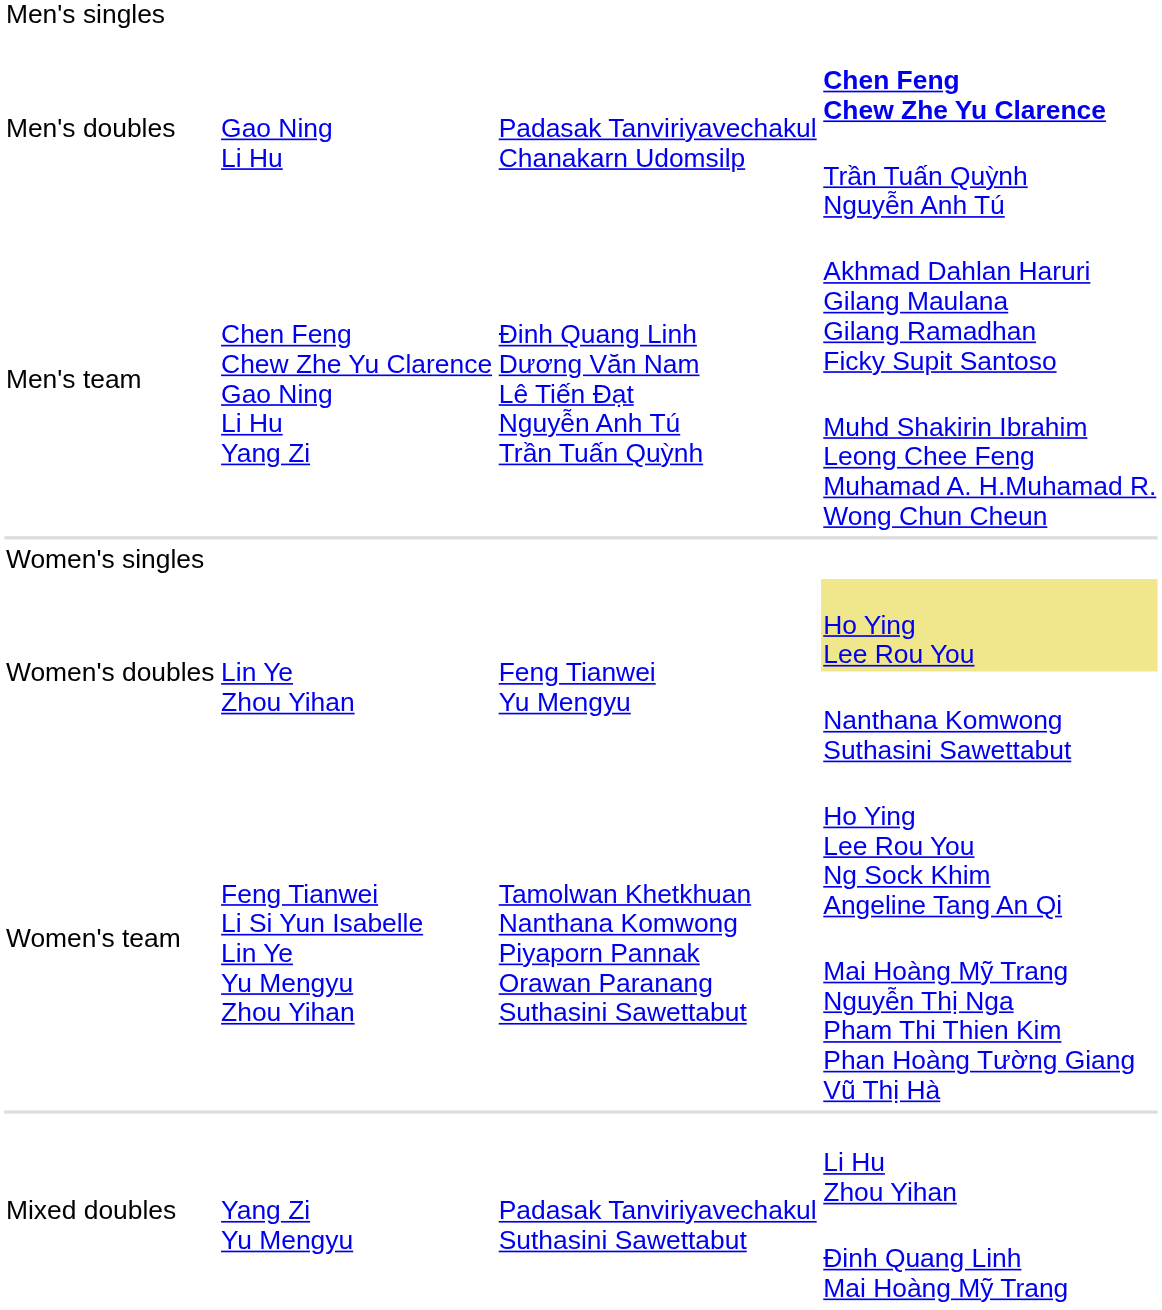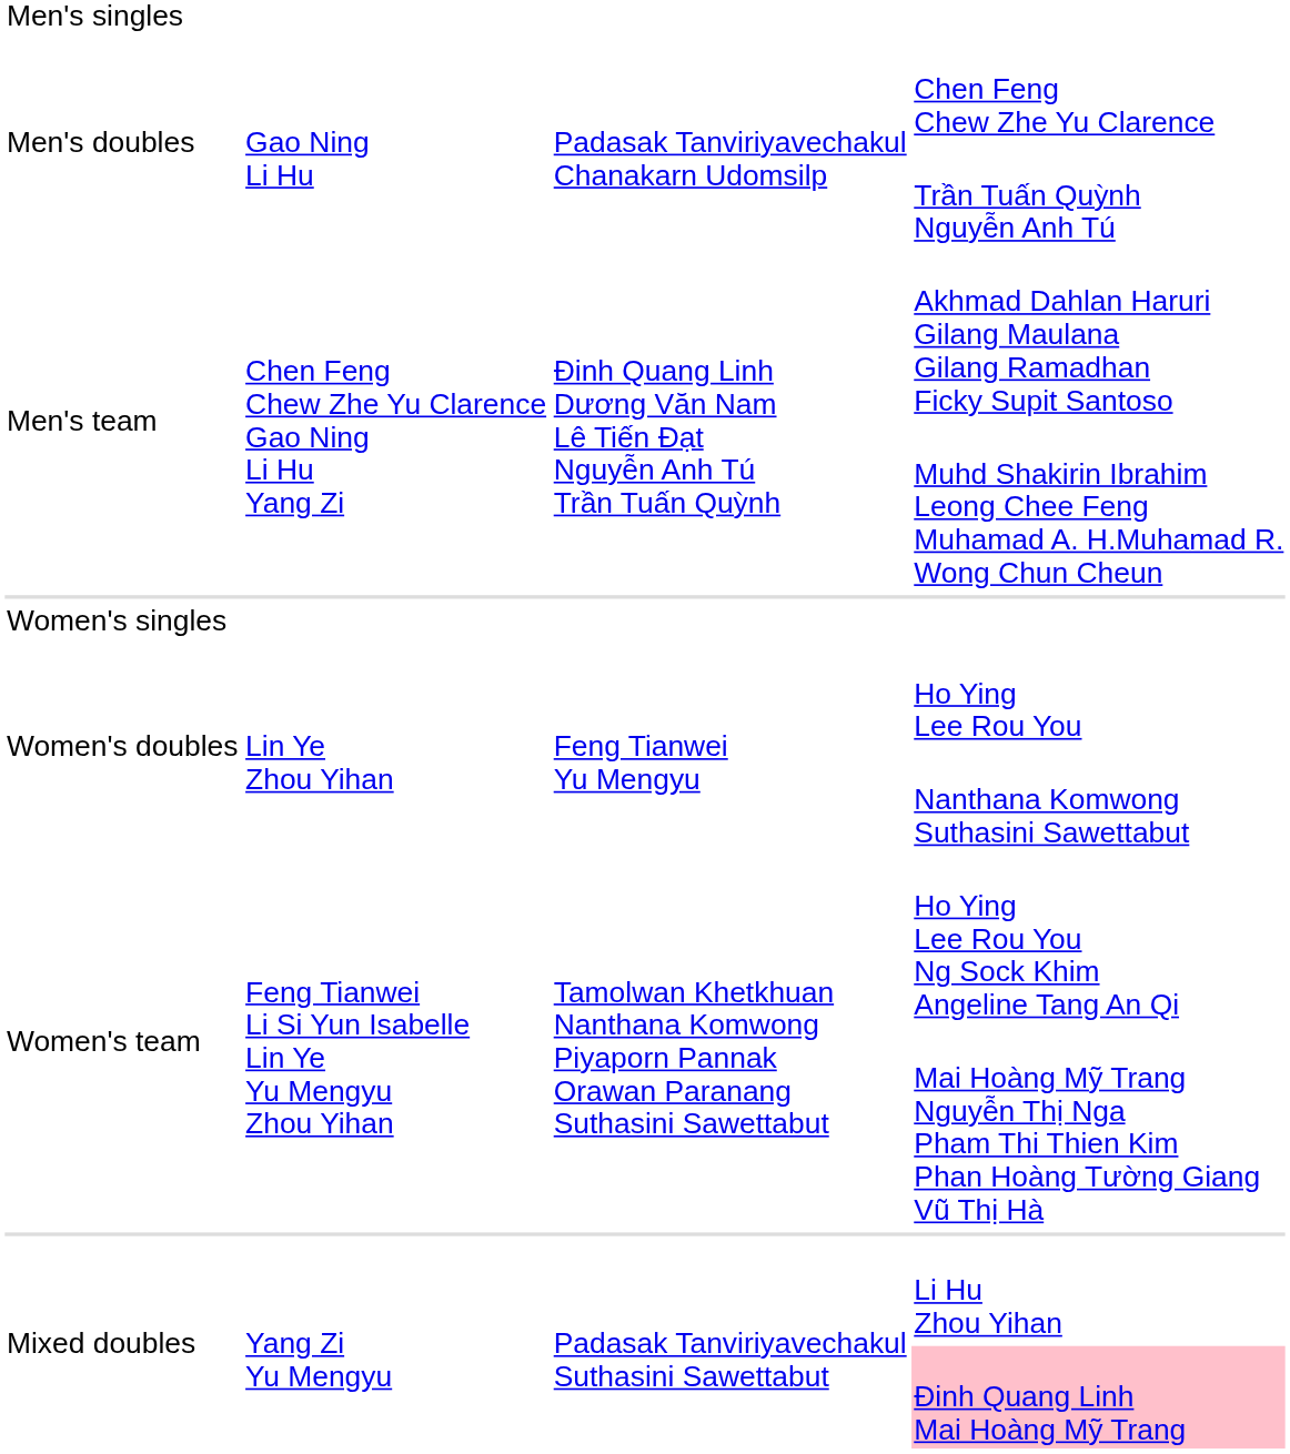 <table>
 <tr>
 <td rowspan=2>Men's singles<br></td>
 <td rowspan=2></td>
 <td rowspan=2></td>
 <td></td>
 </tr>
 <tr>
 <td></td>
 </tr>
 <tr>
 <td rowspan=2>Men's doubles<br></td>
 <td rowspan=2><br><a href='#'>Gao Ning</a><br><a href='#'>Li Hu</a></td>
 <td rowspan=2><br><a href='#'>Padasak Tanviriyavechakul</a><br><a href='#'>Chanakarn Udomsilp</a></td>
-<td><strong><br><a href='#'>Chen Feng</a><br><a href='#'>Chew Zhe Yu Clarence</a></strong></td>
+<td><br><a href='#'>Chen Feng</a><br><a href='#'>Chew Zhe Yu Clarence</a></td>
 </tr>
 <tr>
 <td><br><a href='#'>Trần Tuấn Quỳnh</a><br><a href='#'>Nguyễn Anh Tú</a></td>
 </tr>
 <tr>
 <td rowspan=2>Men's team<br></td>
 <td rowspan=2><br><a href='#'>Chen Feng</a><br><a href='#'>Chew Zhe Yu Clarence</a><br><a href='#'>Gao Ning</a><br><a href='#'>Li Hu</a><br><a href='#'>Yang Zi</a></td>
 <td rowspan=2><br><a href='#'>Đinh Quang Linh</a><br><a href='#'>Dương Văn Nam</a><br><a href='#'>Lê Tiến Đạt</a><br><a href='#'>Nguyễn Anh Tú</a><br><a href='#'>Trần Tuấn Quỳnh</a></td>
 <td><br><a href='#'>Akhmad Dahlan Haruri</a><br><a href='#'>Gilang Maulana</a><br><a href='#'>Gilang Ramadhan</a><br><a href='#'>Ficky Supit Santoso</a></td>
 </tr>
 <tr>
 <td><br><a href='#'>Muhd Shakirin Ibrahim</a><br><a href='#'>Leong Chee Feng</a><br><a href='#'>Muhamad A. H.Muhamad R.</a><br><a href='#'>Wong Chun Cheun</a></td>
 </tr>
 <tr>
 <td colspan="7" style="background-color:#dddddd;"></td>
 </tr>
 <tr>
 <td rowspan=2>Women's singles<br></td>
 <td rowspan=2></td>
 <td rowspan=2></td>
 <td></td>
 </tr>
 <tr>
 <td></td>
 </tr>
 <tr>
 <td rowspan=2>Women's doubles<br></td>
 <td rowspan=2><br><a href='#'>Lin Ye</a><br><a href='#'>Zhou Yihan</a></td>
 <td rowspan=2><br><a href='#'>Feng Tianwei</a><br><a href='#'>Yu Mengyu</a></td>
-<td style="background: khaki;"><br><a href='#'>Ho Ying</a><br><a href='#'>Lee Rou You</a></td>
+<td><br><a href='#'>Ho Ying</a><br><a href='#'>Lee Rou You</a></td>
 </tr>
 <tr>
 <td><br><a href='#'>Nanthana Komwong</a><br><a href='#'>Suthasini Sawettabut</a></td>
 </tr>
 <tr>
 <td rowspan=2>Women's team<br></td>
 <td rowspan=2><br><a href='#'>Feng Tianwei</a><br><a href='#'>Li Si Yun Isabelle</a><br><a href='#'>Lin Ye</a><br><a href='#'>Yu Mengyu</a><br><a href='#'>Zhou Yihan</a></td>
 <td rowspan=2><br><a href='#'>Tamolwan Khetkhuan</a><br><a href='#'>Nanthana Komwong</a><br><a href='#'>Piyaporn Pannak</a><br><a href='#'>Orawan Paranang</a><br><a href='#'>Suthasini Sawettabut</a></td>
 <td><br><a href='#'>Ho Ying</a><br><a href='#'>Lee Rou You</a><br><a href='#'>Ng Sock Khim</a><br><a href='#'>Angeline Tang An Qi</a></td>
 </tr>
 <tr>
 <td><br><a href='#'>Mai Hoàng Mỹ Trang</a><br><a href='#'>Nguyễn Thị Nga</a><br><a href='#'>Pham Thi Thien Kim</a><br><a href='#'>Phan Hoàng Tường Giang</a><br><a href='#'>Vũ Thị Hà</a></td>
 </tr>
 <tr>
 <td colspan="7" style="background-color:#dddddd;"></td>
 </tr>
 <tr>
 <td rowspan=2>Mixed doubles<br></td>
 <td rowspan=2><br><a href='#'>Yang Zi</a><br><a href='#'>Yu Mengyu</a></td>
 <td rowspan=2><br><a href='#'>Padasak Tanviriyavechakul</a><br><a href='#'>Suthasini Sawettabut</a></td>
 <td><br><a href='#'>Li Hu</a><br><a href='#'>Zhou Yihan</a></td>
 </tr>
 <tr>
-<td><br> <a href='#'>Đinh Quang Linh</a><br><a href='#'>Mai Hoàng Mỹ Trang</a></td>
+<td style="background: pink;"><br> <a href='#'>Đinh Quang Linh</a><br><a href='#'>Mai Hoàng Mỹ Trang</a></td>
 </tr>
 </table>
